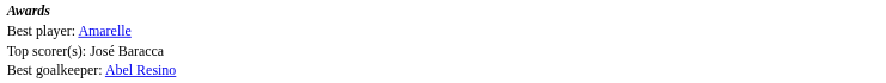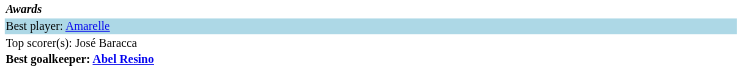 <table width=100% cellspacing=1 style="font-size: 90%;">
 <tr>
 <td><strong><em>Awards</em></strong></td>
 </tr>
 <tr>
-<td>Best player:  <a href='#'>Amarelle</a></td>
+<td style="background: lightblue;">Best player:  <a href='#'>Amarelle</a></td>
 </tr>
 <tr>
 <td colspan=4>Top scorer(s):  José Baracca</td>
 </tr>
 <tr>
-<td>Best goalkeeper:  <a href='#'>Abel Resino</a></td>
+<td><strong>Best goalkeeper:  <a href='#'>Abel Resino</a></strong></td>
 </tr>
 </table>
